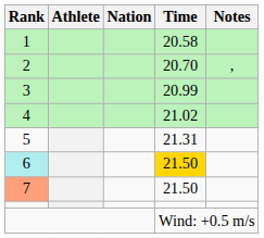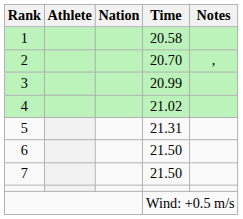 <table class="wikitable plainrowheaders sortable" style="text-align:center;">
 <tr>
 <th scope=col>Rank</th>
 <th scope=col>Athlete</th>
 <th scope=col>Nation</th>
 <th scope=col>Time</th>
 <th scope=col>Notes</th>
 </tr>
 <tr bgcolor=#bbf3bb>
 <td>1</td>
 <th scope=row style="background:#bbf3bb; text-align:left;"></th>
 <td align=left></td>
 <td>20.58</td>
 <td></td>
 </tr>
 <tr bgcolor=#bbf3bb>
 <td>2</td>
 <th scope=row style="background:#bbf3bb; text-align:left;"></th>
 <td align=left></td>
 <td>20.70</td>
 <td>, </td>
 </tr>
 <tr bgcolor=#bbf3bb>
 <td>3</td>
 <th scope=row style="background:#bbf3bb; text-align:left;"></th>
 <td align=left></td>
 <td>20.99</td>
 <td></td>
 </tr>
 <tr bgcolor=#bbf3bb>
 <td>4</td>
 <th scope=row style="background:#bbf3bb; text-align:left;"></th>
 <td align=left></td>
 <td>21.02</td>
 <td></td>
 </tr>
 <tr>
 <td>5</td>
 <th scope=row style=text-align:left;></th>
 <td align=left></td>
 <td>21.31</td>
 <td></td>
 </tr>
 <tr>
-<td style="background: paleturquoise;">6</td>
+<td>6</td>
 <th scope=row style=text-align:left;></th>
 <td align=left></td>
-<td style="background: gold;">21.50</td>
+<td>21.50</td>
 <td></td>
 </tr>
 <tr>
-<td style="background: lightsalmon;">7</td>
+<td>7</td>
 <th scope=row style=text-align:left;></th>
 <td align=left></td>
 <td>21.50</td>
 <td></td>
 </tr>
 <tr>
 <td></td>
 <th scope=row style=text-align:left;></th>
 <td align=left></td>
 <td></td>
 <td></td>
 </tr>
 <tr class=sortbottom>
 <td colspan=3></td>
 <td colspan=2 style=text-align:left;>Wind: +0.5 m/s</td>
 </tr>
 </table>
